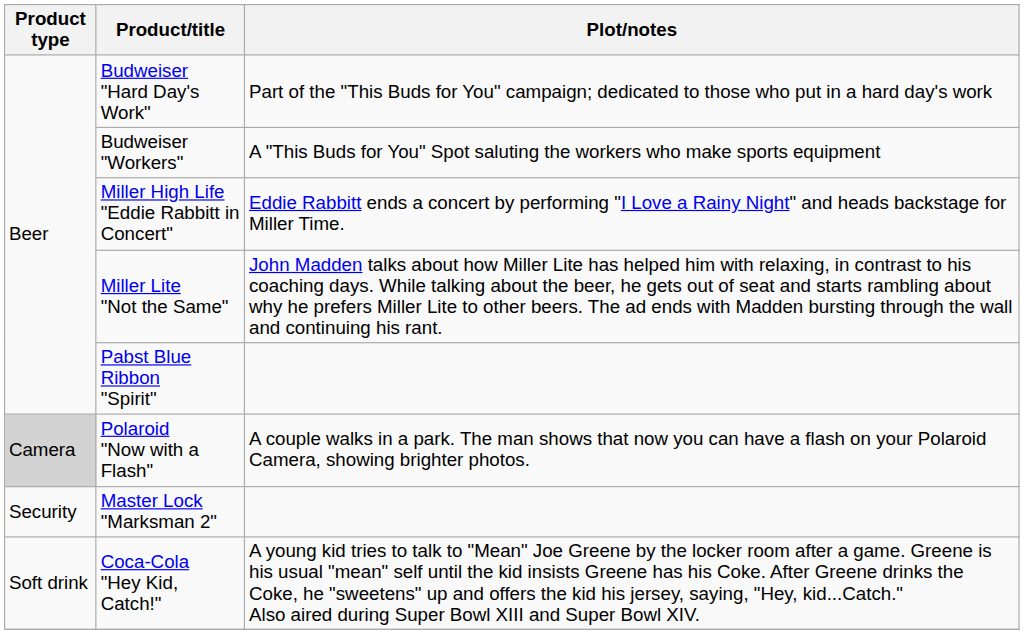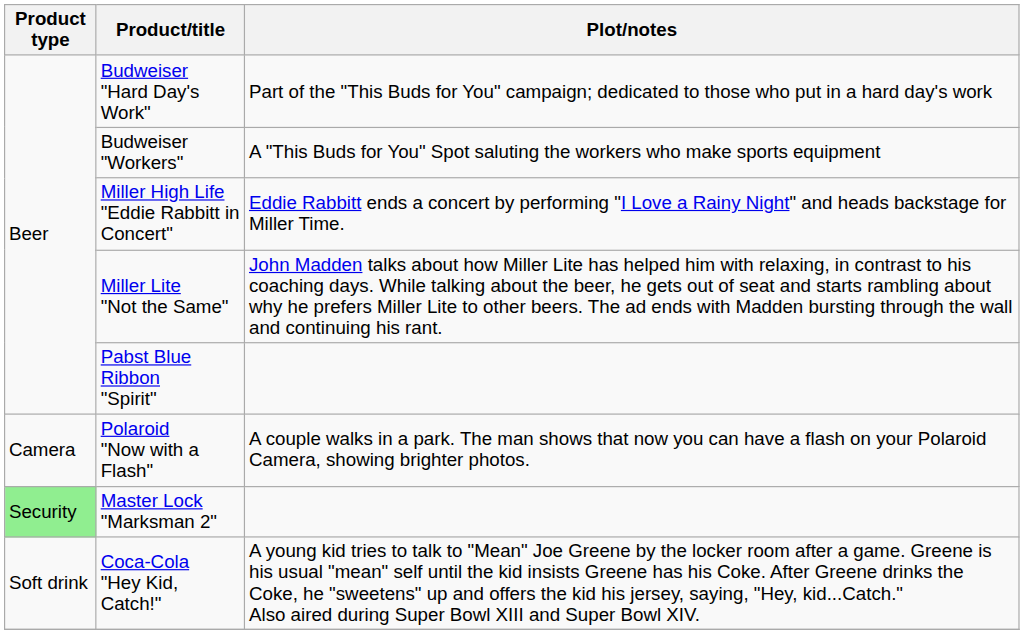 <table class="wikitable">
 <tr>
 <th>Product type</th>
 <th>Product/title</th>
 <th>Plot/notes</th>
 </tr>
 <tr>
 <td rowspan="5">Beer</td>
 <td><a href='#'>Budweiser</a><br>"Hard Day's Work"</td>
 <td>Part of the "This Buds for You" campaign; dedicated to those who put in a hard day's work</td>
 </tr>
 <tr>
 <td>Budweiser<br>"Workers"</td>
 <td>A "This Buds for You" Spot saluting the workers who make sports equipment</td>
 </tr>
 <tr>
 <td><a href='#'>Miller High Life</a><br>"Eddie Rabbitt in Concert"</td>
 <td><a href='#'>Eddie Rabbitt</a> ends a concert by performing "<a href='#'>I Love a Rainy Night</a>" and heads backstage for Miller Time.</td>
 </tr>
 <tr>
 <td><a href='#'>Miller Lite</a><br>"Not the Same"</td>
 <td><a href='#'>John Madden</a> talks about how Miller Lite has helped him with relaxing, in contrast to his coaching days. While talking about the beer, he gets out of seat and starts rambling about why he prefers Miller Lite to other beers. The ad ends with Madden bursting through the wall and continuing his rant.</td>
 </tr>
 <tr>
 <td><a href='#'>Pabst Blue Ribbon</a><br>"Spirit"</td>
 </tr>
 <tr>
-<td style="background: lightgrey;">Camera</td>
+<td>Camera</td>
 <td><a href='#'>Polaroid</a><br>"Now with a Flash"</td>
 <td>A couple walks in a park. The man shows that now you can have a flash on your Polaroid Camera, showing brighter photos.</td>
 </tr>
 <tr>
-<td>Security</td>
+<td style="background: lightgreen;">Security</td>
 <td><a href='#'>Master Lock</a><br>"Marksman 2"</td>
 </tr>
 <tr>
 <td>Soft drink</td>
 <td><a href='#'>Coca-Cola</a><br>"Hey Kid, Catch!"</td>
 <td>A young kid tries to talk to "Mean" Joe Greene by the locker room after a game. Greene is his usual "mean" self until the kid insists Greene has his Coke. After Greene drinks the Coke, he "sweetens" up and offers the kid his jersey, saying, "Hey, kid...Catch."<br>Also aired during Super Bowl XIII and Super Bowl XIV.</td>
 </tr>
 <tr>
 </tr>
 </table>
